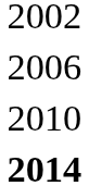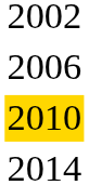 <table>
 <tr>
 <td>2002</td>
 <td></td>
 <td></td>
 <td></td>
 </tr>
 <tr>
 <td>2006<br></td>
 <td></td>
 <td></td>
 <td></td>
 </tr>
 <tr>
-<td>2010<br></td>
+<td style="background: gold;">2010<br></td>
 <td></td>
 <td></td>
 <td></td>
 </tr>
 <tr>
-<td><strong>2014<br></strong></td>
+<td>2014<br></td>
 <td></td>
 <td></td>
 <td></td>
 </tr>
 </table>
